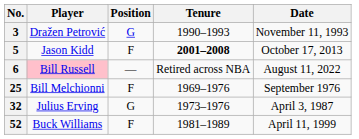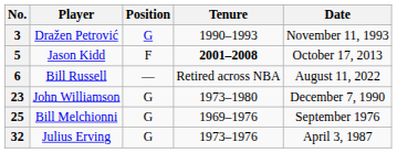 <table class="wikitable sortable" style="text-align:center">
 <tr>
 <th scope="col">No.</th>
 <th scope="col">Player</th>
 <th scope="col">Position</th>
 <th scope="col">Tenure</th>
 <th scope="col">Date</th>
 </tr>
 <tr>
 <th scope="row">3</th>
 <td><a href='#'>Dražen Petrović</a></td>
 <td><a href='#'>G</a></td>
 <td>1990–1993</td>
 <td>November 11, 1993</td>
 </tr>
 <tr>
 <th scope="row">5</th>
 <td><a href='#'>Jason Kidd</a></td>
 <td>F</td>
 <td><strong>2001–2008</strong></td>
 <td>October 17, 2013</td>
 </tr>
 <tr>
 <th scope="row">6</th>
-<td style="background: pink;"><a href='#'>Bill Russell</a></td>
+<td><a href='#'>Bill Russell</a></td>
 <td>—</td>
 <td>Retired across NBA</td>
 <td>August 11, 2022</td>
 </tr>
 <tr>
+<th scope="row">23</th>
+<td><a href='#'>John Williamson</a></td>
+<td>G</td>
+<td>1973–1980</td>
+<td>December 7, 1990</td>
+</tr>
+<tr>
 <th scope="row">25</th>
 <td><a href='#'>Bill Melchionni</a></td>
-<td>F</td>
+<td>G</td>
 <td>1969–1976</td>
 <td>September 1976</td>
 </tr>
 <tr>
 <th scope="row">32</th>
 <td><a href='#'>Julius Erving</a></td>
 <td>G</td>
 <td>1973–1976</td>
 <td>April 3, 1987</td>
 </tr>
-<tr>
-<th scope="row">52</th>
-<td><a href='#'>Buck Williams</a></td>
-<td>F</td>
-<td>1981–1989</td>
-<td>April 11, 1999</td>
-</tr>
 </table>
